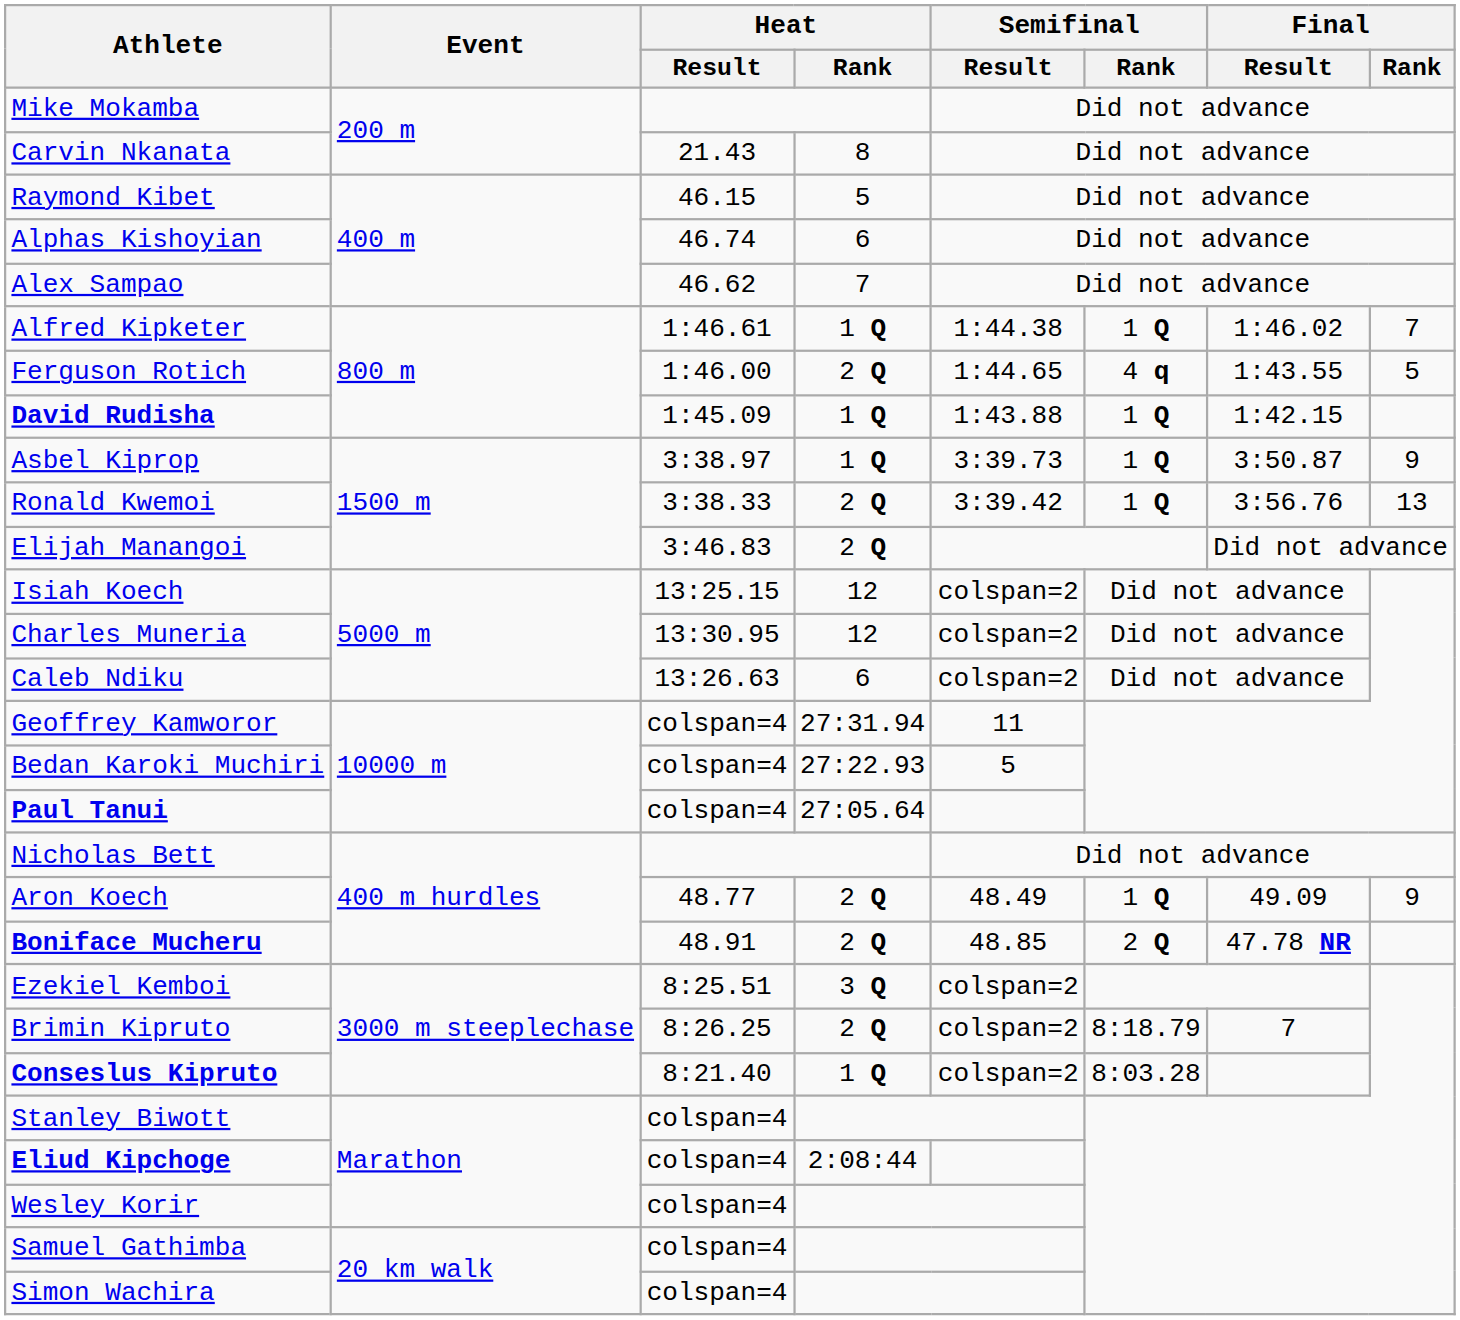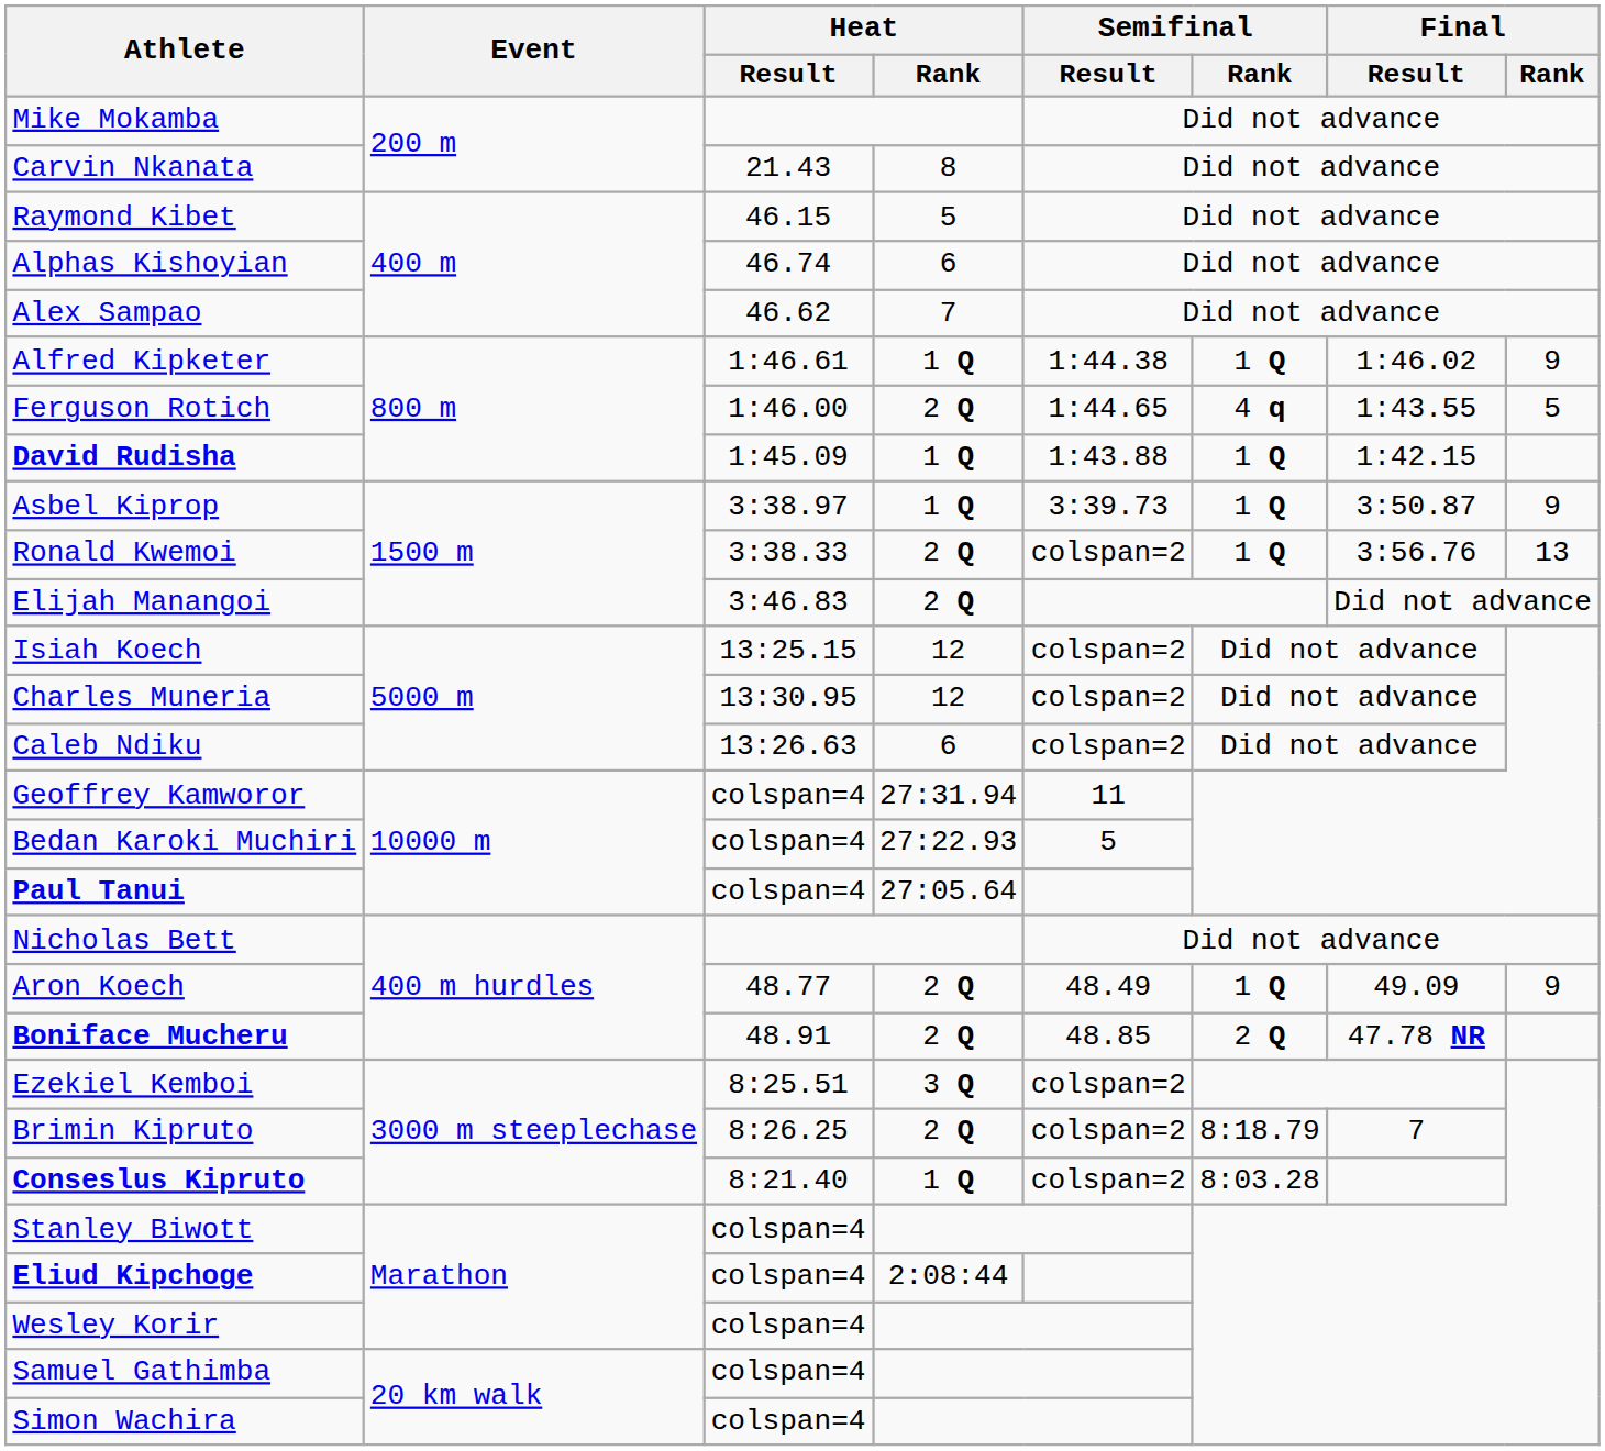 <table class="wikitable" style="font-size:90%">
 <tr>
 <th rowspan="2">Athlete</th>
 <th rowspan="2">Event</th>
 <th colspan="2">Heat</th>
 <th colspan="2">Semifinal</th>
 <th colspan="2">Final</th>
 </tr>
 <tr style="font-size:95%">
 <th>Result</th>
 <th>Rank</th>
 <th>Result</th>
 <th>Rank</th>
 <th>Result</th>
 <th>Rank</th>
 </tr>
 <tr align=center>
 <td align=left><a href='#'>Mike Mokamba</a></td>
 <td align=left rowspan=2><a href='#'>200 m</a></td>
 <td colspan=2></td>
 <td colspan=4>Did not advance</td>
 </tr>
 <tr align=center>
 <td align=left><a href='#'>Carvin Nkanata</a></td>
 <td>21.43</td>
 <td>8</td>
 <td colspan=4>Did not advance</td>
 </tr>
 <tr align=center>
 <td align=left><a href='#'>Raymond Kibet</a></td>
 <td align=left rowspan=3><a href='#'>400 m</a></td>
 <td>46.15</td>
 <td>5</td>
 <td colspan=4>Did not advance</td>
 </tr>
 <tr align=center>
 <td align=left><a href='#'>Alphas Kishoyian</a></td>
 <td>46.74</td>
 <td>6</td>
 <td colspan=4>Did not advance</td>
 </tr>
 <tr align=center>
 <td align=left><a href='#'>Alex Sampao</a></td>
 <td>46.62</td>
 <td>7</td>
 <td colspan=4>Did not advance</td>
 </tr>
 <tr align=center>
 <td align=left><a href='#'>Alfred Kipketer</a></td>
 <td align=left rowspan=3><a href='#'>800 m</a></td>
 <td>1:46.61</td>
 <td>1 <strong>Q</strong></td>
 <td>1:44.38</td>
 <td>1 <strong>Q</strong></td>
 <td>1:46.02</td>
-<td>7</td>
+<td>9</td>
 </tr>
 <tr align=center>
 <td align=left><a href='#'>Ferguson Rotich</a></td>
 <td>1:46.00</td>
 <td>2 <strong>Q</strong></td>
 <td>1:44.65</td>
 <td>4 <strong>q</strong></td>
 <td>1:43.55</td>
 <td>5</td>
 </tr>
 <tr align=center>
 <td align=left><strong><a href='#'>David Rudisha</a></strong></td>
 <td>1:45.09</td>
 <td>1 <strong>Q</strong></td>
 <td>1:43.88</td>
 <td>1 <strong>Q</strong></td>
 <td>1:42.15</td>
 <td></td>
 </tr>
 <tr align=center>
 <td align=left><a href='#'>Asbel Kiprop</a></td>
 <td align=left rowspan=3><a href='#'>1500 m</a></td>
 <td>3:38.97</td>
 <td>1 <strong>Q</strong></td>
 <td>3:39.73</td>
 <td>1 <strong>Q</strong></td>
 <td>3:50.87</td>
 <td>9</td>
 </tr>
 <tr align=center>
 <td align=left><a href='#'>Ronald Kwemoi</a></td>
 <td>3:38.33</td>
 <td>2 <strong>Q</strong></td>
-<td>3:39.42</td>
+<td>colspan=2 </td>
 <td>1 <strong>Q</strong></td>
 <td>3:56.76</td>
 <td>13</td>
 </tr>
 <tr align=center>
 <td align=left><a href='#'>Elijah Manangoi</a></td>
 <td>3:46.83</td>
 <td>2 <strong>Q</strong></td>
 <td colspan=2></td>
 <td colspan=2>Did not advance</td>
 </tr>
 <tr align=center>
 <td align=left><a href='#'>Isiah Koech</a></td>
 <td align=left rowspan=3><a href='#'>5000 m</a></td>
 <td>13:25.15</td>
 <td>12</td>
 <td>colspan=2 </td>
 <td colspan=2>Did not advance</td>
 </tr>
 <tr align=center>
 <td align=left><a href='#'>Charles Muneria</a></td>
 <td>13:30.95</td>
 <td>12</td>
 <td>colspan=2 </td>
 <td colspan=2>Did not advance</td>
 </tr>
 <tr align=center>
 <td align=left><a href='#'>Caleb Ndiku</a></td>
 <td>13:26.63</td>
 <td>6</td>
 <td>colspan=2 </td>
 <td colspan=2>Did not advance</td>
 </tr>
 <tr align=center>
 <td align=left><a href='#'>Geoffrey Kamworor</a></td>
 <td align=left rowspan=3><a href='#'>10000 m</a></td>
 <td>colspan=4 </td>
 <td>27:31.94</td>
 <td>11</td>
 </tr>
 <tr align=center>
 <td align=left><a href='#'>Bedan Karoki Muchiri</a></td>
 <td>colspan=4 </td>
 <td>27:22.93</td>
 <td>5</td>
 </tr>
 <tr align=center>
 <td align=left><strong><a href='#'>Paul Tanui</a></strong></td>
 <td>colspan=4 </td>
 <td>27:05.64</td>
 <td></td>
 </tr>
 <tr align=center>
 <td align=left><a href='#'>Nicholas Bett</a></td>
 <td align=left rowspan=3><a href='#'>400 m hurdles</a></td>
 <td colspan=2></td>
 <td colspan=4>Did not advance</td>
 </tr>
 <tr align=center>
 <td align=left><a href='#'>Aron Koech</a></td>
 <td>48.77</td>
 <td>2 <strong>Q</strong></td>
 <td>48.49</td>
 <td>1 <strong>Q</strong></td>
 <td>49.09</td>
 <td>9</td>
 </tr>
 <tr align=center>
 <td align=left><strong><a href='#'>Boniface Mucheru</a></strong></td>
 <td>48.91</td>
 <td>2 <strong>Q</strong></td>
 <td>48.85</td>
 <td>2 <strong>Q</strong></td>
 <td>47.78 <strong><a href='#'>NR</a></strong></td>
 <td></td>
 </tr>
 <tr align="center">
 <td align=left><a href='#'>Ezekiel Kemboi</a></td>
 <td align=left rowspan=3><a href='#'>3000 m steeplechase</a></td>
 <td>8:25.51</td>
 <td>3 <strong>Q</strong></td>
 <td>colspan=2 </td>
 <td colspan="2"></td>
 </tr>
 <tr align=center>
 <td align=left><a href='#'>Brimin Kipruto</a></td>
 <td>8:26.25</td>
 <td>2 <strong>Q</strong></td>
 <td>colspan=2 </td>
 <td>8:18.79</td>
 <td>7</td>
 </tr>
 <tr align=center>
 <td align=left><strong><a href='#'>Conseslus Kipruto</a></strong></td>
 <td>8:21.40</td>
 <td>1 <strong>Q</strong></td>
 <td>colspan=2 </td>
 <td>8:03.28 </td>
 <td></td>
 </tr>
 <tr align=center>
 <td align=left><a href='#'>Stanley Biwott</a></td>
 <td align=left rowspan=3><a href='#'>Marathon</a></td>
 <td>colspan=4 </td>
 <td colspan=2></td>
 </tr>
 <tr align=center>
 <td align=left><strong><a href='#'>Eliud Kipchoge</a></strong></td>
 <td>colspan=4 </td>
 <td>2:08:44</td>
 <td></td>
 </tr>
 <tr align=center>
 <td align=left><a href='#'>Wesley Korir</a></td>
 <td>colspan=4 </td>
 <td colspan=2></td>
 </tr>
 <tr align=center>
 <td align=left><a href='#'>Samuel Gathimba</a></td>
 <td align=left rowspan=2><a href='#'>20 km walk</a></td>
 <td>colspan=4 </td>
 <td colspan=2></td>
 </tr>
 <tr align=center>
 <td align=left><a href='#'>Simon Wachira</a></td>
 <td>colspan=4 </td>
 <td colspan=2></td>
 </tr>
 </table>
